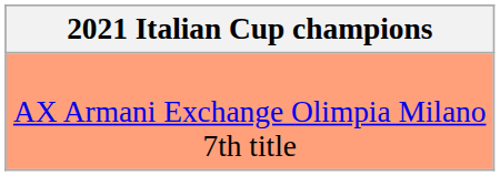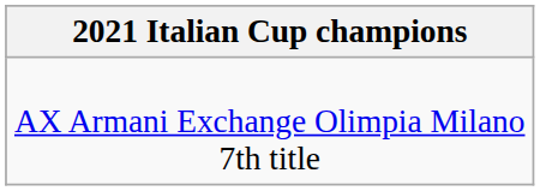 <table class=wikitable style="text-align:center; margin:auto">
 <tr>
 <th>2021 Italian Cup champions</th>
 </tr>
 <tr>
-<td style="background: lightsalmon; text-align:center"> <br> <a href='#'>AX Armani Exchange Olimpia Milano</a> <br> 7th title</td>
+<td style="text-align:center"> <br> <a href='#'>AX Armani Exchange Olimpia Milano</a> <br> 7th title</td>
 </tr>
 </table>
